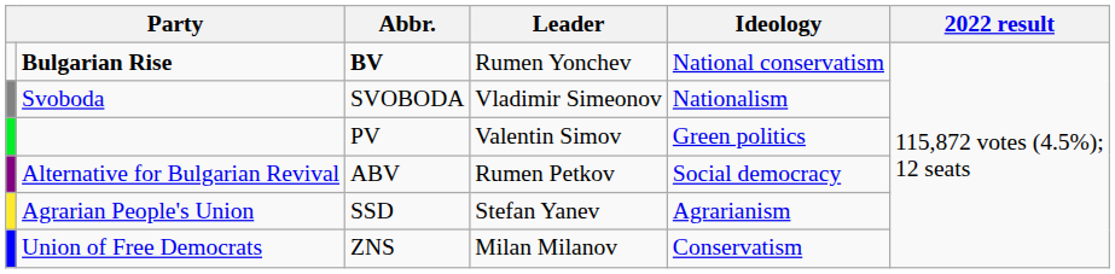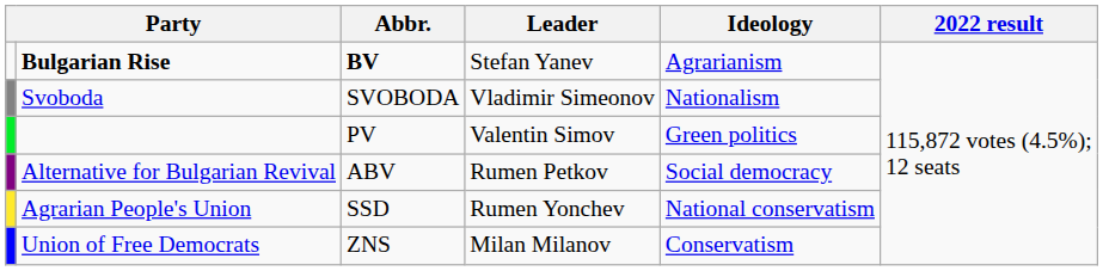 <table class="wikitable">
 <tr>
 <th colspan="2">Party</th>
 <th><abbr>Abbr.</abbr></th>
 <th>Leader</th>
 <th>Ideology</th>
 <th><a href='#'>2022 result</a></th>
 </tr>
 <tr>
 <td style="background:"></td>
 <td><strong>Bulgarian Rise</strong></td>
 <td><strong>BV</strong></td>
-<td>Rumen Yonchev</td>
-<td><a href='#'>National conservatism</a></td>
+<td>Stefan Yanev</td>
+<td><a href='#'>Agrarianism</a></td>
 <td rowspan="6">115,872 votes (4.5%);<br>12 seats</td>
 </tr>
 <tr>
 <td style="background:#828282;"></td>
 <td><a href='#'>Svoboda</a></td>
 <td>SVOBODA</td>
 <td>Vladimir Simeonov</td>
 <td><a href='#'>Nationalism</a></td>
 </tr>
 <tr>
 <td style="background:#00ed28;"></td>
 <td> </td>
 <td>PV</td>
 <td>Valentin Simov</td>
 <td><a href='#'>Green politics</a></td>
 </tr>
 <tr>
 <td style="background:purple;"></td>
 <td><a href='#'>Alternative for Bulgarian Revival</a></td>
 <td>ABV</td>
 <td>Rumen Petkov</td>
 <td><a href='#'>Social democracy</a></td>
 </tr>
 <tr>
 <td style="background:#ffea2b;"></td>
 <td><a href='#'>Agrarian People's Union</a></td>
 <td>SSD</td>
-<td>Stefan Yanev</td>
-<td><a href='#'>Agrarianism</a></td>
+<td>Rumen Yonchev</td>
+<td><a href='#'>National conservatism</a></td>
 </tr>
 <tr>
 <td style="background:blue;"></td>
 <td><a href='#'>Union of Free Democrats</a></td>
 <td>ZNS</td>
 <td>Milan Milanov</td>
 <td><a href='#'>Conservatism</a></td>
 </tr>
 </table>
